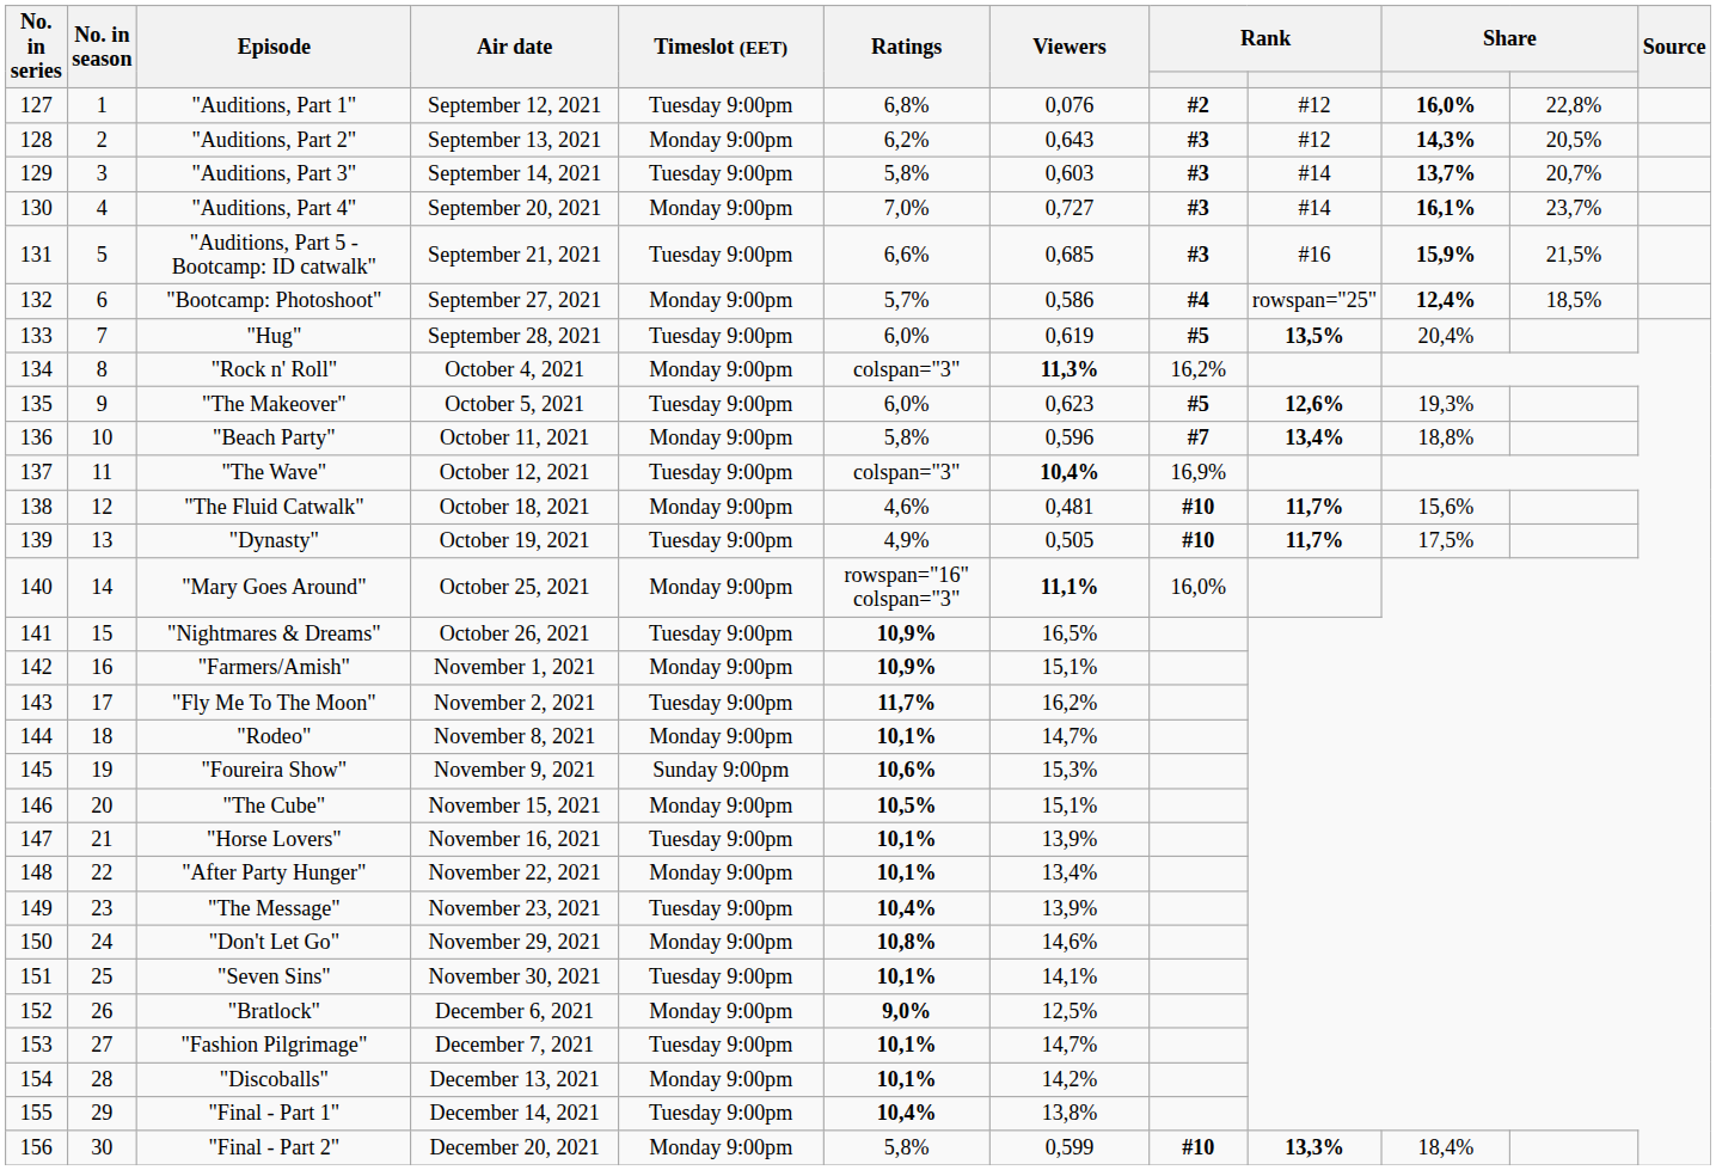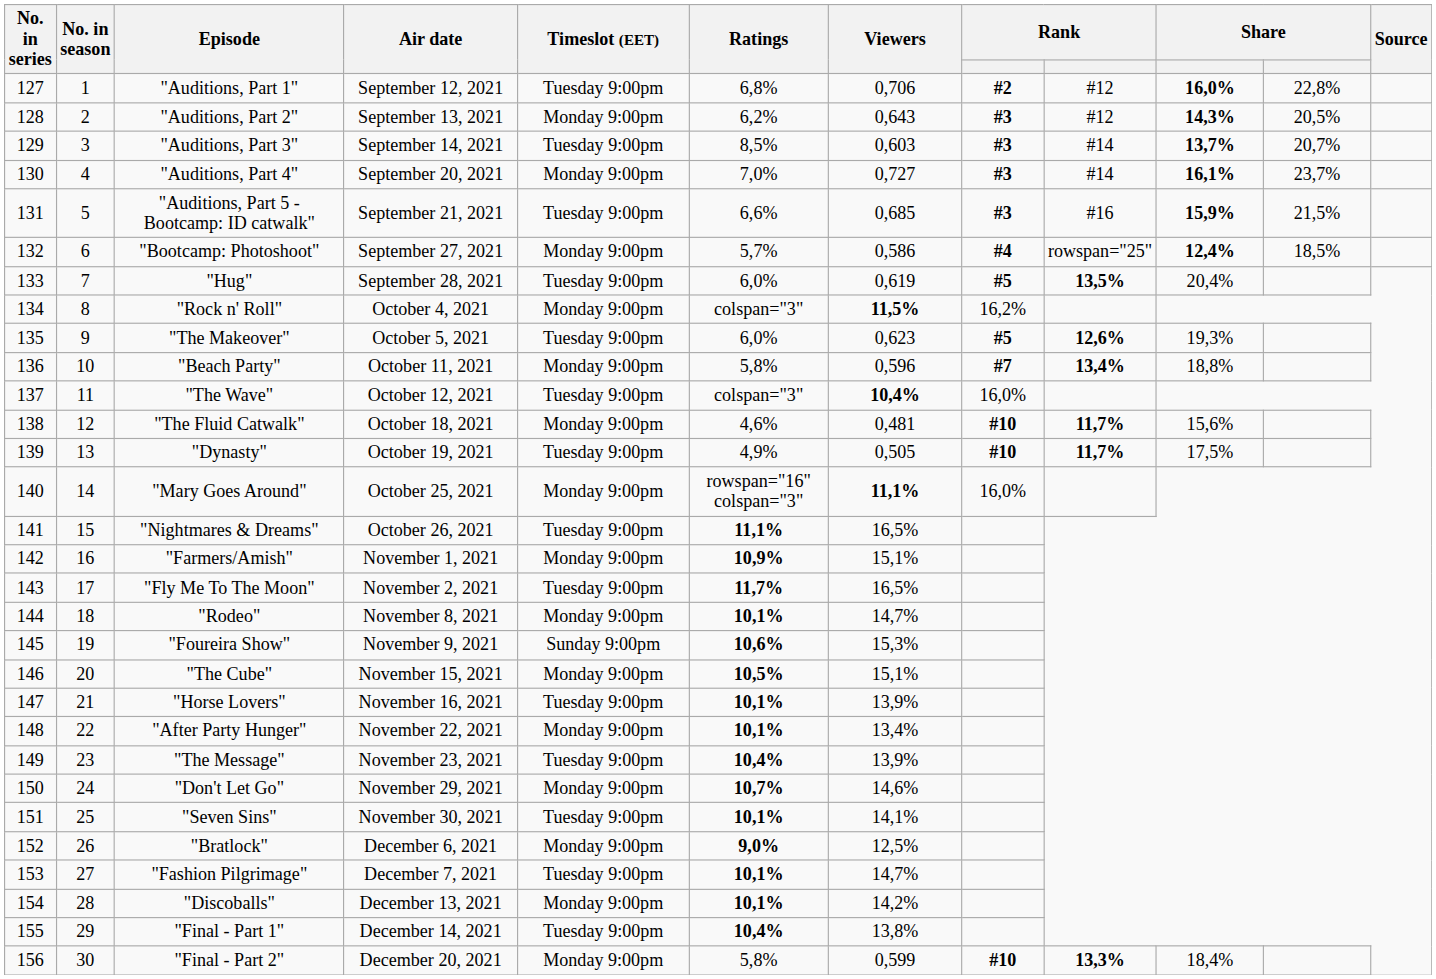 <table style="font-size:100%; text-align:center; width: 100%; margin-left: auto; margin-right: auto;" class="wikitable">
 <tr>
 <th rowspan="2" width="03%">No. in<br>series</th>
 <th rowspan="2" width="04%">No. in<br>season</th>
 <th rowspan="2" width="17%">Episode</th>
 <th rowspan="2" width="13%">Air date</th>
 <th rowspan="2" width="13%">Timeslot <small>(EET)</small></th>
 <th rowspan="2" width="10%">Ratings</th>
 <th rowspan="2" width="10%">Viewers<br><small></small></th>
 <th colspan="2" width="12%">Rank</th>
 <th colspan="2" width="20%">Share</th>
 <th rowspan="2" width="03%">Source</th>
 </tr>
 <tr style="font-size:85%;">
 <th width="06%"></th>
 <th width="06%"></th>
 <th width="08%"></th>
 <th width="08%"></th>
 </tr>
 <tr>
 <td>127</td>
 <td>1</td>
 <td>"Auditions, Part 1"</td>
 <td>September 12, 2021</td>
 <td>Tuesday 9:00pm</td>
 <td>6,8%</td>
-<td>0,076</td>
+<td>0,706</td>
 <td><strong>#2</strong></td>
 <td>#12</td>
 <td><strong>16,0%</strong></td>
 <td>22,8%</td>
 <td></td>
 </tr>
 <tr>
 <td>128</td>
 <td>2</td>
 <td>"Auditions, Part 2"</td>
 <td>September 13, 2021</td>
 <td>Monday 9:00pm</td>
 <td>6,2%</td>
 <td>0,643</td>
 <td><strong>#3</strong></td>
 <td>#12</td>
 <td><strong>14,3%</strong></td>
 <td>20,5%</td>
 <td></td>
 </tr>
 <tr>
 <td>129</td>
 <td>3</td>
 <td>"Auditions, Part 3"</td>
 <td>September 14, 2021</td>
 <td>Tuesday 9:00pm</td>
-<td>5,8%</td>
+<td>8,5%</td>
 <td>0,603</td>
 <td><strong>#3</strong></td>
 <td>#14</td>
 <td><strong>13,7%</strong></td>
 <td>20,7%</td>
 <td></td>
 </tr>
 <tr>
 <td>130</td>
 <td>4</td>
 <td>"Auditions, Part 4"</td>
 <td>September 20, 2021</td>
 <td>Monday 9:00pm</td>
 <td>7,0%</td>
 <td>0,727</td>
 <td><strong>#3</strong></td>
 <td>#14</td>
 <td><strong>16,1%</strong></td>
 <td>23,7%</td>
 <td></td>
 </tr>
 <tr>
 <td>131</td>
 <td>5</td>
 <td>"Auditions, Part 5 - Bootcamp: ID catwalk"</td>
 <td>September 21, 2021</td>
 <td>Tuesday 9:00pm</td>
 <td>6,6%</td>
 <td>0,685</td>
 <td><strong>#3</strong></td>
 <td>#16</td>
 <td><strong>15,9%</strong></td>
 <td>21,5%</td>
 <td></td>
 </tr>
 <tr>
 <td>132</td>
 <td>6</td>
 <td>"Bootcamp: Photoshoot"</td>
 <td>September 27, 2021</td>
 <td>Monday 9:00pm</td>
 <td>5,7%</td>
 <td>0,586</td>
 <td><strong>#4</strong></td>
 <td>rowspan="25" </td>
 <td><strong>12,4%</strong></td>
 <td>18,5%</td>
 <td></td>
 </tr>
 <tr>
 <td>133</td>
 <td>7</td>
 <td>"Hug"</td>
 <td>September 28, 2021</td>
 <td>Tuesday 9:00pm</td>
 <td>6,0%</td>
 <td>0,619</td>
 <td><strong>#5</strong></td>
 <td><strong>13,5%</strong></td>
 <td>20,4%</td>
 <td></td>
 </tr>
 <tr>
 <td>134</td>
 <td>8</td>
 <td>"Rock n' Roll"</td>
 <td>October 4, 2021</td>
 <td>Monday 9:00pm</td>
 <td>colspan="3" </td>
-<td><strong>11,3%</strong></td>
+<td><strong>11,5%</strong></td>
 <td>16,2%</td>
 <td></td>
 </tr>
 <tr>
 <td>135</td>
 <td>9</td>
 <td>"The Makeover"</td>
 <td>October 5, 2021</td>
 <td>Tuesday 9:00pm</td>
 <td>6,0%</td>
 <td>0,623</td>
 <td><strong>#5</strong></td>
 <td><strong>12,6%</strong></td>
 <td>19,3%</td>
 <td></td>
 </tr>
 <tr>
 <td>136</td>
 <td>10</td>
 <td>"Beach Party"</td>
 <td>October 11, 2021</td>
 <td>Monday 9:00pm</td>
 <td>5,8%</td>
 <td>0,596</td>
 <td><strong>#7</strong></td>
 <td><strong>13,4%</strong></td>
 <td>18,8%</td>
 <td></td>
 </tr>
 <tr>
 <td>137</td>
 <td>11</td>
 <td>"The Wave"</td>
 <td>October 12, 2021</td>
 <td>Tuesday 9:00pm</td>
 <td>colspan="3" </td>
 <td><strong>10,4%</strong></td>
-<td>16,9%</td>
+<td>16,0%</td>
 <td></td>
 </tr>
 <tr>
 <td>138</td>
 <td>12</td>
 <td>"The Fluid Catwalk"</td>
 <td>October 18, 2021</td>
 <td>Monday 9:00pm</td>
 <td>4,6%</td>
 <td>0,481</td>
 <td><strong>#10</strong></td>
 <td><strong>11,7%</strong></td>
 <td>15,6%</td>
 <td></td>
 </tr>
 <tr>
 <td>139</td>
 <td>13</td>
 <td>"Dynasty"</td>
 <td>October 19, 2021</td>
 <td>Tuesday 9:00pm</td>
 <td>4,9%</td>
 <td>0,505</td>
 <td><strong>#10</strong></td>
 <td><strong>11,7%</strong></td>
 <td>17,5%</td>
 <td></td>
 </tr>
 <tr>
 <td>140</td>
 <td>14</td>
 <td>"Mary Goes Around"</td>
 <td>October 25, 2021</td>
 <td>Monday 9:00pm</td>
 <td>rowspan="16" colspan="3" </td>
 <td><strong>11,1%</strong></td>
 <td>16,0%</td>
 <td></td>
 </tr>
 <tr>
 <td>141</td>
 <td>15</td>
 <td>"Nightmares & Dreams"</td>
 <td>October 26, 2021</td>
 <td>Tuesday 9:00pm</td>
-<td><strong>10,9%</strong></td>
+<td><strong>11,1%</strong></td>
 <td>16,5%</td>
 <td></td>
 </tr>
 <tr>
 <td>142</td>
 <td>16</td>
 <td>"Farmers/Amish"</td>
 <td>November 1, 2021</td>
 <td>Monday 9:00pm</td>
 <td><strong>10,9%</strong></td>
 <td>15,1%</td>
 <td></td>
 </tr>
 <tr>
 <td>143</td>
 <td>17</td>
 <td>"Fly Me To The Moon"</td>
 <td>November 2, 2021</td>
 <td>Tuesday 9:00pm</td>
 <td><strong>11,7%</strong></td>
-<td>16,2%</td>
+<td>16,5%</td>
 <td></td>
 </tr>
 <tr>
 <td>144</td>
 <td>18</td>
 <td>"Rodeo"</td>
 <td>November 8, 2021</td>
 <td>Monday 9:00pm</td>
 <td><strong>10,1%</strong></td>
 <td>14,7%</td>
 <td></td>
 </tr>
 <tr>
 <td>145</td>
 <td>19</td>
 <td>"Foureira Show"</td>
 <td>November 9, 2021</td>
 <td>Sunday 9:00pm</td>
 <td><strong>10,6%</strong></td>
 <td>15,3%</td>
 <td></td>
 </tr>
 <tr>
 <td>146</td>
 <td>20</td>
 <td>"The Cube"</td>
 <td>November 15, 2021</td>
 <td>Monday 9:00pm</td>
 <td><strong>10,5%</strong></td>
 <td>15,1%</td>
 <td></td>
 </tr>
 <tr>
 <td>147</td>
 <td>21</td>
 <td>"Horse Lovers"</td>
 <td>November 16, 2021</td>
 <td>Tuesday 9:00pm</td>
 <td><strong>10,1%</strong></td>
 <td>13,9%</td>
 <td></td>
 </tr>
 <tr>
 <td>148</td>
 <td>22</td>
 <td>"After Party Hunger"</td>
 <td>November 22, 2021</td>
 <td>Monday 9:00pm</td>
 <td><strong>10,1%</strong></td>
 <td>13,4%</td>
 <td></td>
 </tr>
 <tr>
 <td>149</td>
 <td>23</td>
 <td>"The Message"</td>
 <td>November 23, 2021</td>
 <td>Tuesday 9:00pm</td>
 <td><strong>10,4%</strong></td>
 <td>13,9%</td>
 <td></td>
 </tr>
 <tr>
 <td>150</td>
 <td>24</td>
 <td>"Don't Let Go"</td>
 <td>November 29, 2021</td>
 <td>Monday 9:00pm</td>
-<td><strong>10,8%</strong></td>
+<td><strong>10,7%</strong></td>
 <td>14,6%</td>
 <td></td>
 </tr>
 <tr>
 <td>151</td>
 <td>25</td>
 <td>"Seven Sins"</td>
 <td>November 30, 2021</td>
 <td>Tuesday 9:00pm</td>
 <td><strong>10,1%</strong></td>
 <td>14,1%</td>
 <td></td>
 </tr>
 <tr>
 <td>152</td>
 <td>26</td>
 <td>"Bratlock"</td>
 <td>December 6, 2021</td>
 <td>Monday 9:00pm</td>
 <td><strong>9,0%</strong></td>
 <td>12,5%</td>
 <td></td>
 </tr>
 <tr>
 <td>153</td>
 <td>27</td>
 <td>"Fashion Pilgrimage"</td>
 <td>December 7, 2021</td>
 <td>Tuesday 9:00pm</td>
 <td><strong>10,1%</strong></td>
 <td>14,7%</td>
 <td></td>
 </tr>
 <tr>
 <td>154</td>
 <td>28</td>
 <td>"Discoballs"</td>
 <td>December 13, 2021</td>
 <td>Monday 9:00pm</td>
 <td><strong>10,1%</strong></td>
 <td>14,2%</td>
 <td></td>
 </tr>
 <tr>
 <td>155</td>
 <td>29</td>
 <td>"Final - Part 1"</td>
 <td>December 14, 2021</td>
 <td>Tuesday 9:00pm</td>
 <td><strong>10,4%</strong></td>
 <td>13,8%</td>
 <td></td>
 </tr>
 <tr>
 <td>156</td>
 <td>30</td>
 <td>"Final - Part 2"</td>
 <td>December 20, 2021</td>
 <td>Monday 9:00pm</td>
 <td>5,8%</td>
 <td>0,599</td>
 <td><strong>#10</strong></td>
 <td><strong>13,3%</strong></td>
 <td>18,4%</td>
 <td></td>
 </tr>
 <tr>
 </tr>
 </table>
